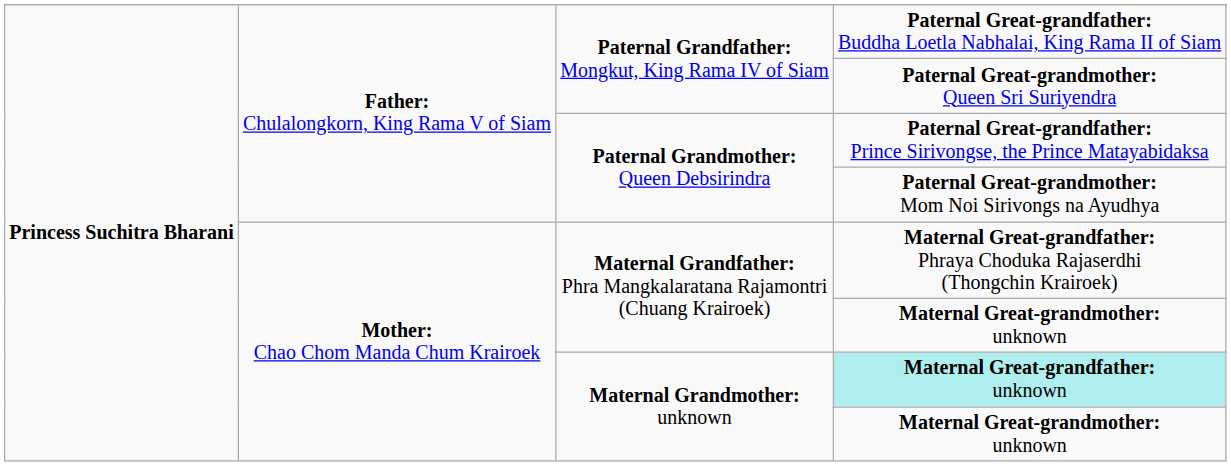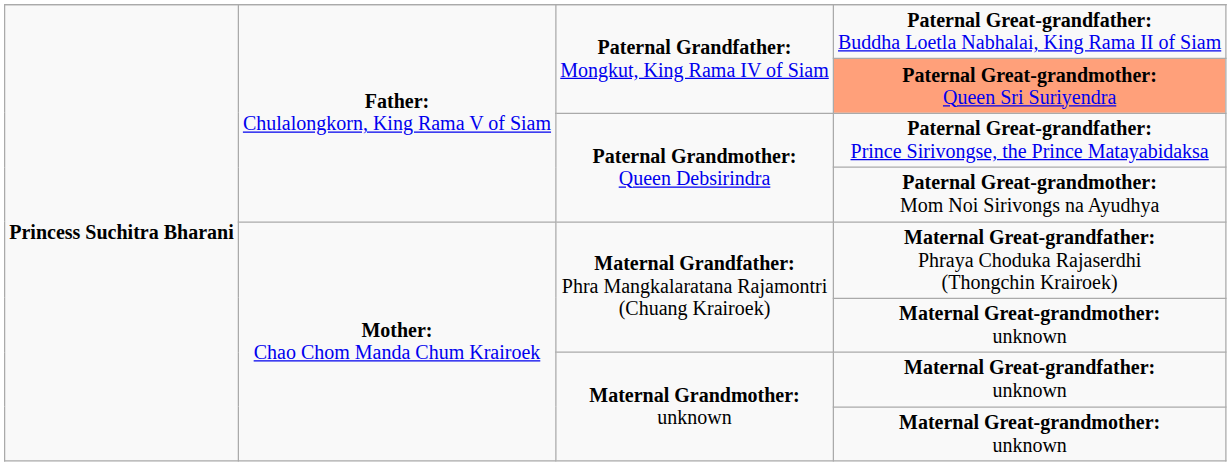 <table class="wikitable">
 <tr>
 </tr>
 <tr>
 <td rowspan="8" align="center"><strong>Princess Suchitra Bharani</strong></td>
 <td rowspan="4" align="center"><strong>Father:</strong><br><a href='#'>Chulalongkorn, King Rama V of Siam</a></td>
 <td rowspan="2" align="center"><strong>Paternal Grandfather:</strong><br><a href='#'>Mongkut, King Rama IV of Siam</a></td>
 <td align = "center"><strong>Paternal Great-grandfather:</strong><br><a href='#'>Buddha Loetla Nabhalai, King Rama II of Siam</a></td>
 </tr>
 <tr>
-<td align = "center"><strong>Paternal Great-grandmother:</strong><br><a href='#'>Queen Sri Suriyendra</a></td>
+<td align = "center" style="background: lightsalmon;"><strong>Paternal Great-grandmother:</strong><br><a href='#'>Queen Sri Suriyendra</a></td>
 </tr>
 <tr>
 <td rowspan="2" align="center"><strong>Paternal Grandmother:</strong><br><a href='#'>Queen Debsirindra</a></td>
 <td align = "center"><strong>Paternal Great-grandfather:</strong><br><a href='#'>Prince Sirivongse, the Prince Matayabidaksa</a></td>
 </tr>
 <tr>
 <td align = "center"><strong>Paternal Great-grandmother:</strong><br>Mom Noi Sirivongs na Ayudhya</td>
 </tr>
 <tr>
 <td rowspan="4" align="center"><strong>Mother:</strong><br><a href='#'>Chao Chom Manda Chum Krairoek</a></td>
 <td rowspan="2" align="center"><strong>Maternal Grandfather:</strong><br>Phra Mangkalaratana Rajamontri<br>(Chuang Krairoek)</td>
 <td align = "center"><strong>Maternal Great-grandfather:</strong><br>Phraya Choduka Rajaserdhi<br>(Thongchin Krairoek)</td>
 </tr>
 <tr>
 <td align = "center"><strong>Maternal Great-grandmother:</strong><br>unknown</td>
 </tr>
 <tr>
 <td rowspan="2" align="center"><strong>Maternal Grandmother:</strong><br>unknown</td>
-<td align = "center" style="background: paleturquoise;"><strong>Maternal Great-grandfather:</strong><br>unknown</td>
+<td align = "center"><strong>Maternal Great-grandfather:</strong><br>unknown</td>
 </tr>
 <tr>
 <td align = "center"><strong>Maternal Great-grandmother:</strong><br>unknown</td>
 </tr>
 </table>
